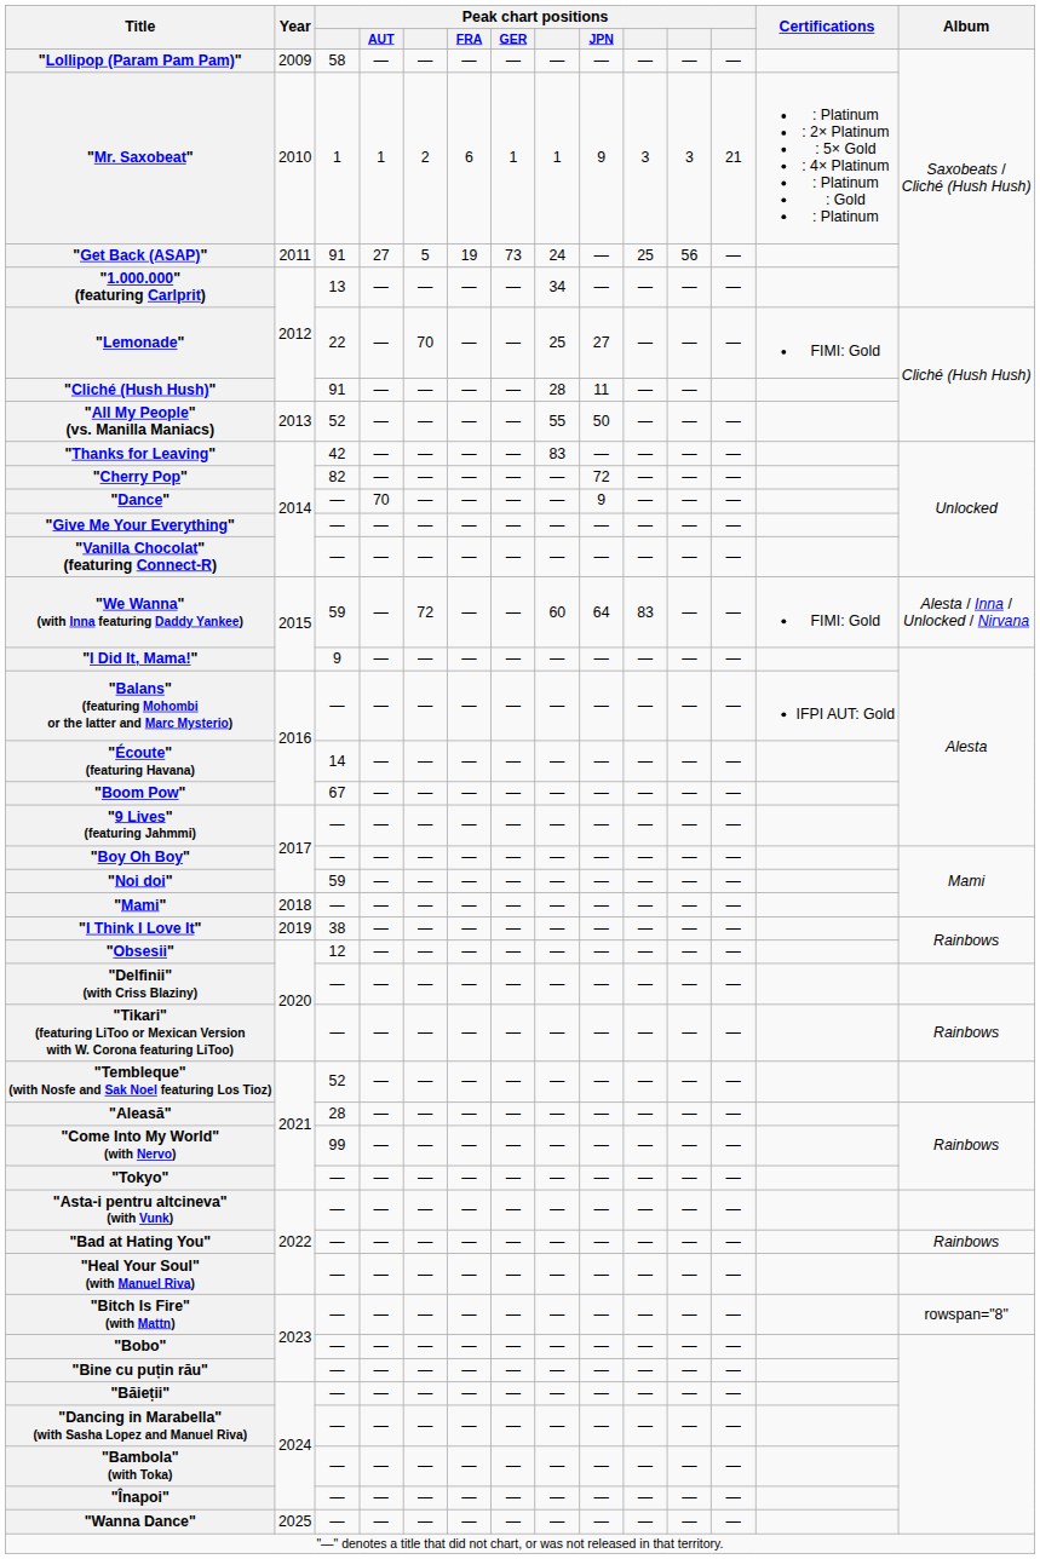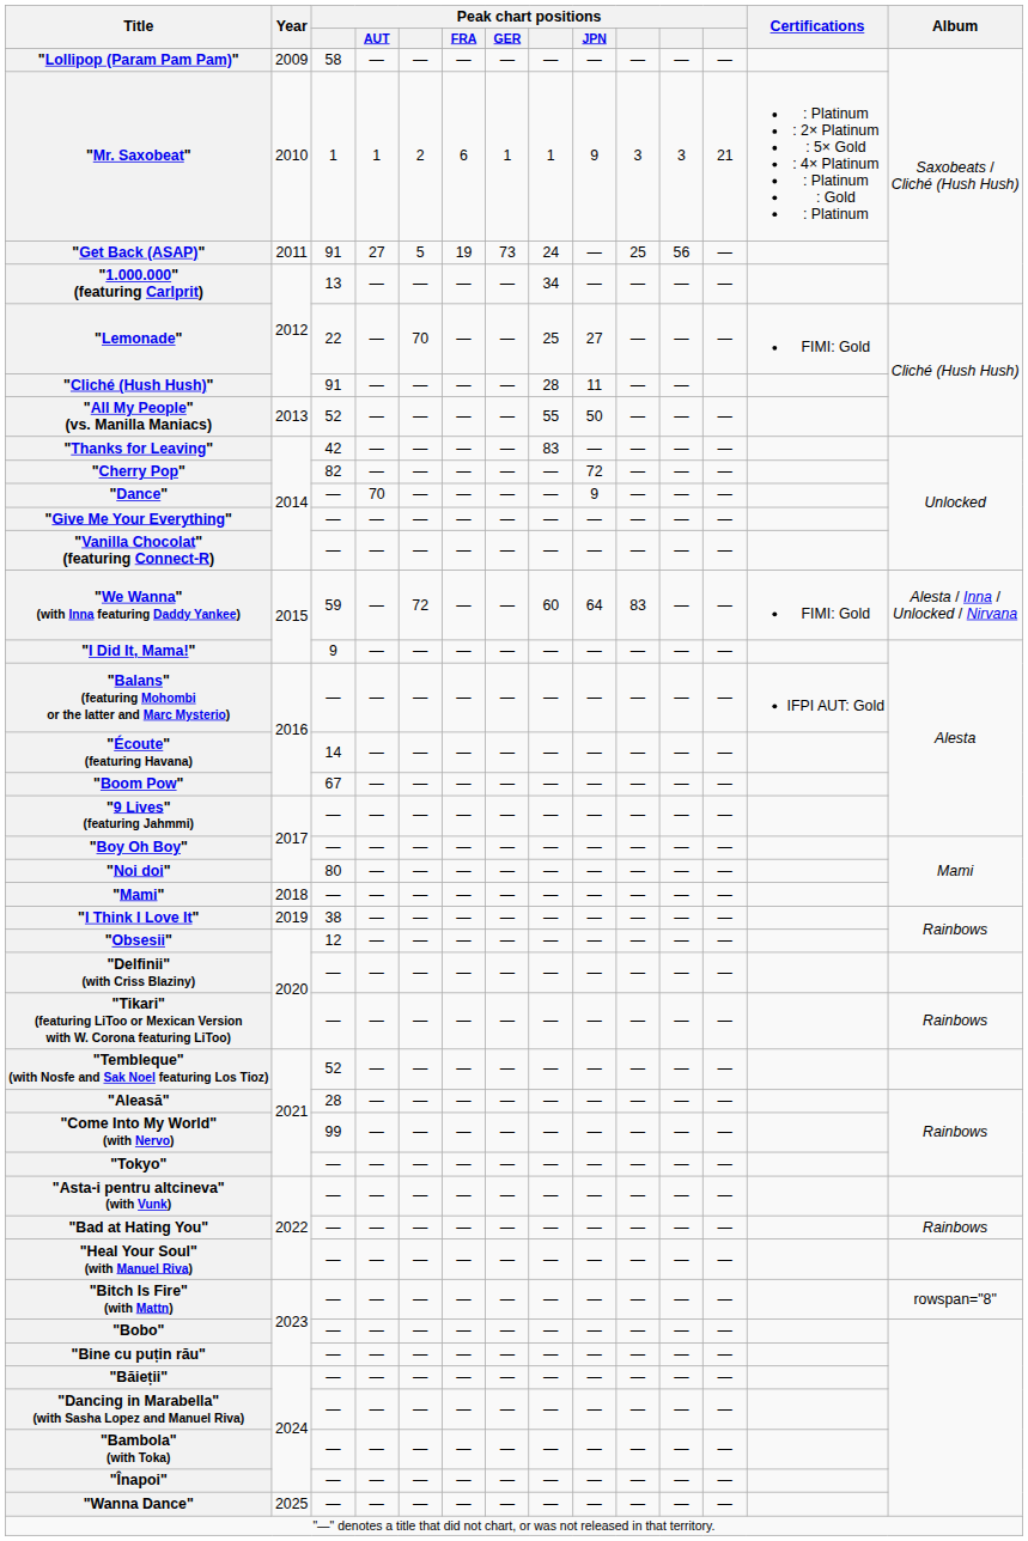 <table class="wikitable plainrowheaders" style="text-align:center;">
 <tr>
 <th scope="col" rowspan="2">Title</th>
 <th scope="col" rowspan="2">Year</th>
 <th scope="col" colspan="10">Peak chart positions</th>
 <th scope="col" rowspan="2"><a href='#'>Certifications</a></th>
 <th scope="col" rowspan="2">Album</th>
 </tr>
 <tr>
 <th style="width:3em;font-size:85%"><a href='#'></a><br></th>
 <th style="width:3em;font-size:85%"><a href='#'>AUT</a><br></th>
 <th scope="col" style="width:3em;font-size:85%;"><a href='#'></a><br></th>
 <th scope="col" style="width:3em;font-size:85%;"><a href='#'>FRA</a><br></th>
 <th scope="col" style="width:3em;font-size:85%;"><a href='#'>GER</a><br></th>
 <th scope="col" style="width:3em;font-size:85%;"><a href='#'></a><br></th>
 <th scope="col" style="width:3em;font-size:85%;"><a href='#'>JPN</a><br></th>
 <th scope="col" style="width:3em;font-size:85%;"><a href='#'></a><br></th>
 <th scope="col" style="width:3em;font-size:85%;"><a href='#'></a><br></th>
 <th scope="col" style="width:3em;font-size:85%;"><a href='#'></a><br></th>
 </tr>
 <tr>
 <th scope="row">"<a href='#'>Lollipop (Param Pam Pam)</a>"</th>
 <td>2009</td>
 <td>58</td>
 <td>—</td>
 <td>—</td>
 <td>—</td>
 <td>—</td>
 <td>—</td>
 <td>—</td>
 <td>—</td>
 <td>—</td>
 <td>—</td>
 <td></td>
 <td rowspan="4"><em>Saxobeats</em> /<br><em>Cliché (Hush Hush)</em></td>
 </tr>
 <tr>
 <th scope="row">"<a href='#'>Mr. Saxobeat</a>"</th>
 <td>2010</td>
 <td>1</td>
 <td>1</td>
 <td>2</td>
 <td>6</td>
 <td>1</td>
 <td>1</td>
 <td>9</td>
 <td>3</td>
 <td>3</td>
 <td>21</td>
 <td><br><ul><li><a href='#'></a>: Platinum</li><li><a href='#'></a>: 2× Platinum</li><li><a href='#'></a>: 5× Gold</li><li><a href='#'></a>: 4× Platinum</li><li><a href='#'></a>: Platinum</li><li><a href='#'></a>: Gold</li><li><a href='#'></a>: Platinum</li></ul></td>
 </tr>
 <tr>
 <th scope="row">"<a href='#'>Get Back (ASAP)</a>"</th>
 <td>2011</td>
 <td>91</td>
 <td>27</td>
 <td>5</td>
 <td>19</td>
 <td>73</td>
 <td>24</td>
 <td>—</td>
 <td>25</td>
 <td>56</td>
 <td>—</td>
 </tr>
 <tr>
 <th scope="row">"<a href='#'>1.000.000</a>" <br><span>(featuring <a href='#'>Carlprit</a>)</span></th>
 <td rowspan="3">2012</td>
 <td>13</td>
 <td>—</td>
 <td>—</td>
 <td>—</td>
 <td>—</td>
 <td>34</td>
 <td>—</td>
 <td>—</td>
 <td>—</td>
 <td>—</td>
 <td></td>
 </tr>
 <tr>
 <th scope="row">"<a href='#'>Lemonade</a>"</th>
 <td>22</td>
 <td>—</td>
 <td>70</td>
 <td>—</td>
 <td>—</td>
 <td>25</td>
 <td>27</td>
 <td>—</td>
 <td>—</td>
 <td>—</td>
 <td><br><ul><li>FIMI: Gold</li></ul></td>
 <td rowspan="3"><em>Cliché (Hush Hush)</em></td>
 </tr>
 <tr>
 <th scope="row">"<a href='#'>Cliché (Hush Hush)</a>"</th>
 <td>91</td>
 <td>—</td>
 <td>—</td>
 <td>—</td>
 <td>—</td>
 <td>28</td>
 <td>11</td>
 <td>—</td>
 <td>—</td>
 <td></td>
 </tr>
 <tr>
 <th scope="row">"<a href='#'>All My People</a>" <br><span>(vs. Manilla Maniacs)</span></th>
 <td>2013</td>
 <td>52</td>
 <td>—</td>
 <td>—</td>
 <td>—</td>
 <td>—</td>
 <td>55</td>
 <td>50</td>
 <td>—</td>
 <td>—</td>
 <td>—</td>
 <td></td>
 </tr>
 <tr>
 <th scope="row">"<a href='#'>Thanks for Leaving</a>"</th>
 <td rowspan="5">2014</td>
 <td>42</td>
 <td>—</td>
 <td>—</td>
 <td>—</td>
 <td>—</td>
 <td>83</td>
 <td>—</td>
 <td>—</td>
 <td>—</td>
 <td>—</td>
 <td></td>
 <td rowspan="5"><em>Unlocked</em></td>
 </tr>
 <tr>
 <th scope="row">"<a href='#'>Cherry Pop</a>"</th>
 <td>82</td>
 <td>—</td>
 <td>—</td>
 <td>—</td>
 <td>—</td>
 <td>—</td>
 <td>72</td>
 <td>—</td>
 <td>—</td>
 <td>—</td>
 <td></td>
 </tr>
 <tr>
 <th scope="row">"<a href='#'>Dance</a>"</th>
 <td>—</td>
 <td>70</td>
 <td>—</td>
 <td>—</td>
 <td>—</td>
 <td>—</td>
 <td>9</td>
 <td>—</td>
 <td>—</td>
 <td>—</td>
 <td></td>
 </tr>
 <tr>
 <th scope="row">"<a href='#'>Give Me Your Everything</a>"</th>
 <td>—</td>
 <td>—</td>
 <td>—</td>
 <td>—</td>
 <td>—</td>
 <td>—</td>
 <td>—</td>
 <td>—</td>
 <td>—</td>
 <td>—</td>
 <td></td>
 </tr>
 <tr>
 <th scope="row">"<a href='#'>Vanilla Chocolat</a>" <br><span>(featuring <a href='#'>Connect-R</a>)</span></th>
 <td>—</td>
 <td>—</td>
 <td>—</td>
 <td>—</td>
 <td>—</td>
 <td>—</td>
 <td>—</td>
 <td>—</td>
 <td>—</td>
 <td>—</td>
 <td></td>
 </tr>
 <tr>
 <th scope="row">"<a href='#'>We Wanna</a>" <br><small>(with <a href='#'>Inna</a> featuring <a href='#'>Daddy Yankee</a>)</small></th>
 <td rowspan="2">2015</td>
 <td>59</td>
 <td>—</td>
 <td>72</td>
 <td>—</td>
 <td>—</td>
 <td>60</td>
 <td>64</td>
 <td>83</td>
 <td>—</td>
 <td>—</td>
 <td><br><ul><li>FIMI: Gold</li></ul></td>
 <td><em>Alesta</em> / <em><a href='#'>Inna</a></em> /<br><em>Unlocked</em> / <em><a href='#'>Nirvana</a></em></td>
 </tr>
 <tr>
 <th scope="row">"<a href='#'>I Did It, Mama!</a>"</th>
 <td>9</td>
 <td>—</td>
 <td>—</td>
 <td>—</td>
 <td>—</td>
 <td>—</td>
 <td>—</td>
 <td>—</td>
 <td>—</td>
 <td>—</td>
 <td></td>
 <td rowspan="5"><em>Alesta</em></td>
 </tr>
 <tr>
 <th scope="row">"<a href='#'>Balans</a>"<small><br>(featuring <a href='#'>Mohombi</a><br>or the latter and <a href='#'>Marc Mysterio</a>)</small></th>
 <td rowspan="3">2016</td>
 <td>—</td>
 <td>—</td>
 <td>—</td>
 <td>—</td>
 <td>—</td>
 <td>—</td>
 <td>—</td>
 <td>—</td>
 <td>—</td>
 <td>—</td>
 <td><br><ul><li>IFPI AUT: Gold</li></ul></td>
 </tr>
 <tr>
 <th scope="row">"<a href='#'>Écoute</a>"<br><small>(featuring Havana)</small></th>
 <td>14</td>
 <td>—</td>
 <td>—</td>
 <td>—</td>
 <td>—</td>
 <td>—</td>
 <td>—</td>
 <td>—</td>
 <td>—</td>
 <td>—</td>
 <td></td>
 </tr>
 <tr>
 <th scope="row">"<a href='#'>Boom Pow</a>"</th>
 <td>67</td>
 <td>—</td>
 <td>—</td>
 <td>—</td>
 <td>—</td>
 <td>—</td>
 <td>—</td>
 <td>—</td>
 <td>—</td>
 <td>—</td>
 <td></td>
 </tr>
 <tr>
 <th scope="row">"<a href='#'>9 Lives</a>"<br><small>(featuring Jahmmi)</small></th>
 <td rowspan="3">2017</td>
 <td>—</td>
 <td>—</td>
 <td>—</td>
 <td>—</td>
 <td>—</td>
 <td>—</td>
 <td>—</td>
 <td>—</td>
 <td>—</td>
 <td>—</td>
 <td></td>
 </tr>
 <tr>
 <th scope="row">"<a href='#'>Boy Oh Boy</a>"</th>
 <td>—</td>
 <td>—</td>
 <td>—</td>
 <td>—</td>
 <td>—</td>
 <td>—</td>
 <td>—</td>
 <td>—</td>
 <td>—</td>
 <td>—</td>
 <td></td>
 <td rowspan="3"><em>Mami</em></td>
 </tr>
 <tr>
 <th scope="row">"<a href='#'>Noi doi</a>"</th>
-<td>59</td>
+<td>80</td>
 <td>—</td>
 <td>—</td>
 <td>—</td>
 <td>—</td>
 <td>—</td>
 <td>—</td>
 <td>—</td>
 <td>—</td>
 <td>—</td>
 <td></td>
 </tr>
 <tr>
 <th scope="row">"<a href='#'>Mami</a>"</th>
 <td>2018</td>
 <td>—</td>
 <td>—</td>
 <td>—</td>
 <td>—</td>
 <td>—</td>
 <td>—</td>
 <td>—</td>
 <td>—</td>
 <td>—</td>
 <td>—</td>
 <td></td>
 </tr>
 <tr>
 <th scope="row">"<a href='#'>I Think I Love It</a>"</th>
 <td>2019</td>
 <td>38</td>
 <td>—</td>
 <td>—</td>
 <td>—</td>
 <td>—</td>
 <td>—</td>
 <td>—</td>
 <td>—</td>
 <td>—</td>
 <td>—</td>
 <td></td>
 <td rowspan="2"><em>Rainbows</em></td>
 </tr>
 <tr>
 <th scope="row">"<a href='#'>Obsesii</a>"</th>
 <td rowspan="3">2020</td>
 <td>12</td>
 <td>—</td>
 <td>—</td>
 <td>—</td>
 <td>—</td>
 <td>—</td>
 <td>—</td>
 <td>—</td>
 <td>—</td>
 <td>—</td>
 <td></td>
 </tr>
 <tr>
 <th scope="row">"Delfinii"<br><small>(with Criss Blaziny)</small></th>
 <td>—</td>
 <td>—</td>
 <td>—</td>
 <td>—</td>
 <td>—</td>
 <td>—</td>
 <td>—</td>
 <td>—</td>
 <td>—</td>
 <td>—</td>
 <td></td>
 <td></td>
 </tr>
 <tr>
 <th scope="row">"Tikari"<br><small>(featuring LiToo or Mexican Version <br>with W. Corona featuring LiToo)</small></th>
 <td>—</td>
 <td>—</td>
 <td>—</td>
 <td>—</td>
 <td>—</td>
 <td>—</td>
 <td>—</td>
 <td>—</td>
 <td>—</td>
 <td>—</td>
 <td></td>
 <td><em>Rainbows</em></td>
 </tr>
 <tr>
 <th scope="row">"Tembleque"<br><small>(with Nosfe and <a href='#'>Sak Noel</a> featuring Los Tioz)</small></th>
 <td rowspan="4">2021</td>
 <td>52</td>
 <td>—</td>
 <td>—</td>
 <td>—</td>
 <td>—</td>
 <td>—</td>
 <td>—</td>
 <td>—</td>
 <td>—</td>
 <td>—</td>
 <td></td>
 <td></td>
 </tr>
 <tr>
 <th scope="row">"Aleasă"</th>
 <td>28</td>
 <td>—</td>
 <td>—</td>
 <td>—</td>
 <td>—</td>
 <td>—</td>
 <td>—</td>
 <td>—</td>
 <td>—</td>
 <td>—</td>
 <td></td>
 <td rowspan="3"><em>Rainbows</em></td>
 </tr>
 <tr>
 <th scope="row">"Come Into My World"<br><small>(with <a href='#'>Nervo</a>)</small></th>
 <td>99</td>
 <td>—</td>
 <td>—</td>
 <td>—</td>
 <td>—</td>
 <td>—</td>
 <td>—</td>
 <td>—</td>
 <td>—</td>
 <td>—</td>
 <td></td>
 </tr>
 <tr>
 <th scope="row">"Tokyo"</th>
 <td>—</td>
 <td>—</td>
 <td>—</td>
 <td>—</td>
 <td>—</td>
 <td>—</td>
 <td>—</td>
 <td>—</td>
 <td>—</td>
 <td>—</td>
 <td></td>
 </tr>
 <tr>
 <th scope="row">"Asta-i pentru altcineva"<br><small>(with <a href='#'>Vunk</a>)</small></th>
 <td rowspan="3">2022</td>
 <td>—</td>
 <td>—</td>
 <td>—</td>
 <td>—</td>
 <td>—</td>
 <td>—</td>
 <td>—</td>
 <td>—</td>
 <td>—</td>
 <td>—</td>
 <td></td>
 <td></td>
 </tr>
 <tr>
 <th scope="row">"Bad at Hating You"</th>
 <td>—</td>
 <td>—</td>
 <td>—</td>
 <td>—</td>
 <td>—</td>
 <td>—</td>
 <td>—</td>
 <td>—</td>
 <td>—</td>
 <td>—</td>
 <td></td>
 <td><em>Rainbows</em></td>
 </tr>
 <tr>
 <th scope="row">"Heal Your Soul"<br><small>(with <a href='#'>Manuel Riva</a>)</small></th>
 <td>—</td>
 <td>—</td>
 <td>—</td>
 <td>—</td>
 <td>—</td>
 <td>—</td>
 <td>—</td>
 <td>—</td>
 <td>—</td>
 <td>—</td>
 <td></td>
 <td></td>
 </tr>
 <tr>
 <th scope="row">"Bitch Is Fire"<br><small>(with <a href='#'>Mattn</a>)</small></th>
 <td rowspan="3">2023</td>
 <td>—</td>
 <td>—</td>
 <td>—</td>
 <td>—</td>
 <td>—</td>
 <td>—</td>
 <td>—</td>
 <td>—</td>
 <td>—</td>
 <td>—</td>
 <td></td>
 <td>rowspan="8" </td>
 </tr>
 <tr>
 <th scope="row">"Bobo"</th>
 <td>—</td>
 <td>—</td>
 <td>—</td>
 <td>—</td>
 <td>—</td>
 <td>—</td>
 <td>—</td>
 <td>—</td>
 <td>—</td>
 <td>—</td>
 <td></td>
 </tr>
 <tr>
 <th scope="row">"Bine cu puțin rău"</th>
 <td>—</td>
 <td>—</td>
 <td>—</td>
 <td>—</td>
 <td>—</td>
 <td>—</td>
 <td>—</td>
 <td>—</td>
 <td>—</td>
 <td>—</td>
 <td></td>
 </tr>
 <tr>
 <th scope="row">"Băieții"</th>
 <td rowspan="4">2024</td>
 <td>—</td>
 <td>—</td>
 <td>—</td>
 <td>—</td>
 <td>—</td>
 <td>—</td>
 <td>—</td>
 <td>—</td>
 <td>—</td>
 <td>—</td>
 <td></td>
 </tr>
 <tr>
 <th scope="row">"Dancing in Marabella"<br><small>(with Sasha Lopez and Manuel Riva)</small></th>
 <td>—</td>
 <td>—</td>
 <td>—</td>
 <td>—</td>
 <td>—</td>
 <td>—</td>
 <td>—</td>
 <td>—</td>
 <td>—</td>
 <td>—</td>
 <td></td>
 </tr>
 <tr>
 <th scope="row">"Bambola"<br><small>(with Toka)</small></th>
 <td>—</td>
 <td>—</td>
 <td>—</td>
 <td>—</td>
 <td>—</td>
 <td>—</td>
 <td>—</td>
 <td>—</td>
 <td>—</td>
 <td>—</td>
 <td></td>
 </tr>
 <tr>
 <th scope="row">"Înapoi"</th>
 <td>—</td>
 <td>—</td>
 <td>—</td>
 <td>—</td>
 <td>—</td>
 <td>—</td>
 <td>—</td>
 <td>—</td>
 <td>—</td>
 <td>—</td>
 <td></td>
 </tr>
 <tr>
 <th scope="row">"Wanna Dance"</th>
 <td>2025</td>
 <td>—</td>
 <td>—</td>
 <td>—</td>
 <td>—</td>
 <td>—</td>
 <td>—</td>
 <td>—</td>
 <td>—</td>
 <td>—</td>
 <td>—</td>
 <td></td>
 </tr>
 <tr>
 <td colspan="16" style="font-size:85%">"—" denotes a title that did not chart, or was not released in that territory.</td>
 </tr>
 </table>
